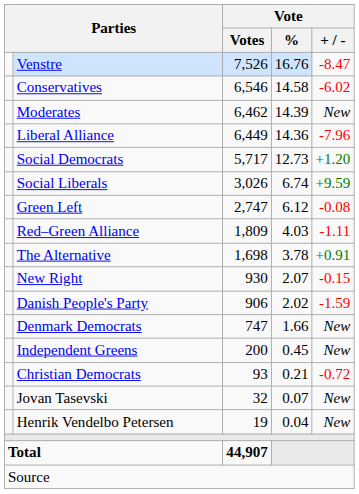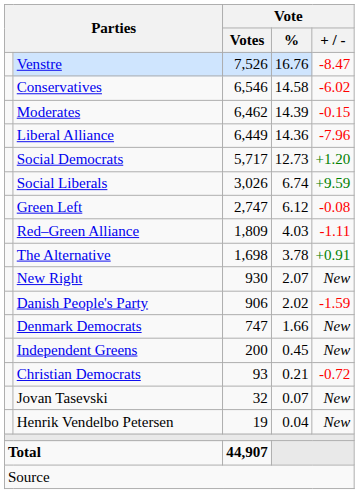 <table class="wikitable" style="text-align:right;">
 <tr>
 <th style="text-align:centre;" rowspan="2" colspan="2" width="225">Parties</th>
 <th colspan="3">Vote</th>
 </tr>
 <tr>
 <th width="15">Votes</th>
 <th width="15">%</th>
 <th width="15">+ / -</th>
 </tr>
 <tr>
 <td width="2" style="color:inherit;background:"></td>
 <td bgcolor=#cfe5fe  align="left"><a href='#'>Venstre</a></td>
 <td bgcolor=#cfe5fe>7,526</td>
 <td bgcolor=#cfe5fe>16.76</td>
 <td style=color:red;>-8.47</td>
 </tr>
 <tr>
 <td width="2" style="color:inherit;background:"></td>
 <td align="left"><a href='#'>Conservatives</a></td>
 <td>6,546</td>
 <td>14.58</td>
 <td style=color:red;>-6.02</td>
 </tr>
 <tr>
 <td width="2" style="color:inherit;background:"></td>
 <td align="left"><a href='#'>Moderates</a></td>
 <td>6,462</td>
 <td>14.39</td>
-<td><em>New</em></td>
+<td style=color:red;>-0.15</td>
 </tr>
 <tr>
 <td width="2" style="color:inherit;background:"></td>
 <td align="left"><a href='#'>Liberal Alliance</a></td>
 <td>6,449</td>
 <td>14.36</td>
 <td style=color:red;>-7.96</td>
 </tr>
 <tr>
 <td width="2" style="color:inherit;background:"></td>
 <td align="left"><a href='#'>Social Democrats</a></td>
 <td>5,717</td>
 <td>12.73</td>
 <td style=color:green;>+1.20</td>
 </tr>
 <tr>
 <td width="2" style="color:inherit;background:"></td>
 <td align="left"><a href='#'>Social Liberals</a></td>
 <td>3,026</td>
 <td>6.74</td>
 <td style=color:green;>+9.59</td>
 </tr>
 <tr>
 <td width="2" style="color:inherit;background:"></td>
 <td align="left"><a href='#'>Green Left</a></td>
 <td>2,747</td>
 <td>6.12</td>
 <td style=color:red;>-0.08</td>
 </tr>
 <tr>
 <td width="2" style="color:inherit;background:"></td>
 <td align="left"><a href='#'>Red–Green Alliance</a></td>
 <td>1,809</td>
 <td>4.03</td>
 <td style=color:red;>-1.11</td>
 </tr>
 <tr>
 <td width="2" style="color:inherit;background:"></td>
 <td align="left"><a href='#'>The Alternative</a></td>
 <td>1,698</td>
 <td>3.78</td>
 <td style=color:green;>+0.91</td>
 </tr>
 <tr>
 <td width="2" style="color:inherit;background:"></td>
 <td align="left"><a href='#'>New Right</a></td>
 <td>930</td>
 <td>2.07</td>
-<td style=color:red;>-0.15</td>
+<td><em>New</em></td>
 </tr>
 <tr>
 <td width="2" style="color:inherit;background:"></td>
 <td align="left"><a href='#'>Danish People's Party</a></td>
 <td>906</td>
 <td>2.02</td>
 <td style=color:red;>-1.59</td>
 </tr>
 <tr>
 <td width="2" style="color:inherit;background:"></td>
 <td align="left"><a href='#'>Denmark Democrats</a></td>
 <td>747</td>
 <td>1.66</td>
 <td><em>New</em></td>
 </tr>
 <tr>
 <td width="2" style="color:inherit;background:"></td>
 <td align="left"><a href='#'>Independent Greens</a></td>
 <td>200</td>
 <td>0.45</td>
 <td><em>New</em></td>
 </tr>
 <tr>
 <td width="2" style="color:inherit;background:"></td>
 <td align="left"><a href='#'>Christian Democrats</a></td>
 <td>93</td>
 <td>0.21</td>
 <td style=color:red;>-0.72</td>
 </tr>
 <tr>
 <td width="2" style="color:inherit;background:"></td>
 <td align="left">Jovan Tasevski</td>
 <td>32</td>
 <td>0.07</td>
 <td><em>New</em></td>
 </tr>
 <tr>
 <td width="2" style="color:inherit;background:"></td>
 <td align="left">Henrik Vendelbo Petersen</td>
 <td>19</td>
 <td>0.04</td>
 <td><em>New</em></td>
 </tr>
 <tr>
 <td colspan="7" bgcolor="#E9E9E9"></td>
 </tr>
 <tr>
 <td align="left" colspan="2"><strong>Total</strong></td>
 <td><strong>44,907</strong></td>
 <td bgcolor="#E9E9E9" colspan="2"></td>
 </tr>
 <tr>
 <td align="left" colspan="6">Source</td>
 </tr>
 </table>
